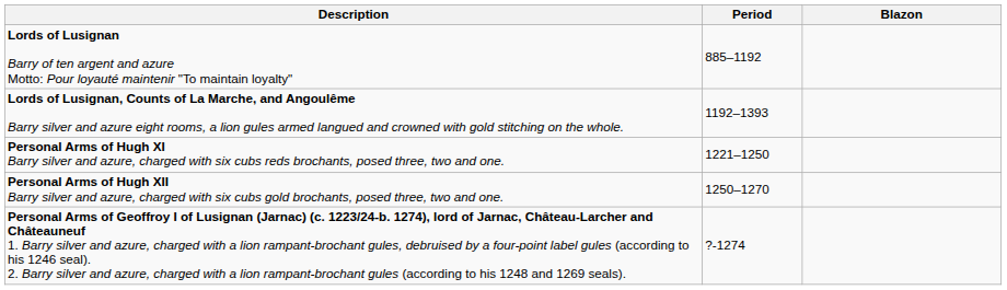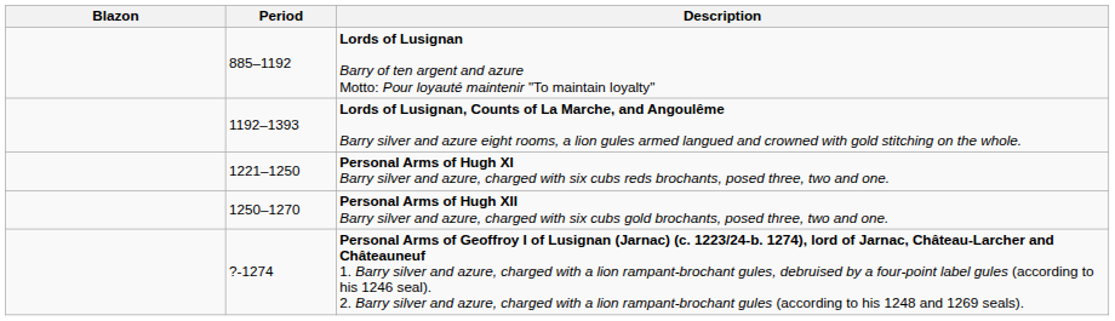 <table class="wikitable">
 <tr>
+<th style="width:20%;">Blazon</th>
+<th style="width:10%;">Period</th>
 <th style="width:70%;">Description</th>
-<th style="width:10%;">Period</th>
-<th style="width:20%;">Blazon</th>
 </tr>
 <tr>
+<td></td>
+<td>885–1192</td>
 <td><strong>Lords of Lusignan</strong><br><br><em>Barry of ten argent and azure</em><br>Motto:  <em>Pour loyauté maintenir</em> "To maintain loyalty" </td>
-<td>885–1192</td>
-<td></td>
 </tr>
 <tr>
+<td></td>
+<td>1192–1393</td>
 <td><strong>Lords of Lusignan, Counts of La Marche, and Angoulême</strong><br><br><em>Barry silver and azure eight rooms, a lion gules armed langued and crowned with gold stitching on the whole.</em></td>
-<td>1192–1393</td>
-<td></td>
 </tr>
 <tr>
+<td></td>
+<td>1221–1250</td>
 <td><strong>Personal Arms of Hugh XI</strong><br><em>Barry silver and azure, charged with six cubs reds brochants, posed three, two and one.</em></td>
-<td>1221–1250</td>
-<td></td>
 </tr>
 <tr>
+<td></td>
+<td>1250–1270</td>
 <td><strong>Personal Arms of Hugh XII</strong><br><em>Barry silver and azure, charged with six cubs gold brochants, posed three, two and one.</em></td>
-<td>1250–1270</td>
-<td></td>
 </tr>
 <tr>
+<td></td>
+<td>?-1274</td>
 <td><strong>Personal Arms of Geoffroy I of Lusignan (Jarnac) (c. 1223/24-b. 1274), lord of Jarnac, Château-Larcher and Châteauneuf</strong><br>1. <em>Barry silver and azure, charged with a lion rampant-brochant gules, debruised by a four-point label gules</em> (according to his 1246 seal).<br>2. <em>Barry silver and azure, charged with a lion rampant-brochant gules</em> (according to his 1248 and 1269 seals).</td>
-<td>?-1274</td>
-<td></td>
 </tr>
 </table>
